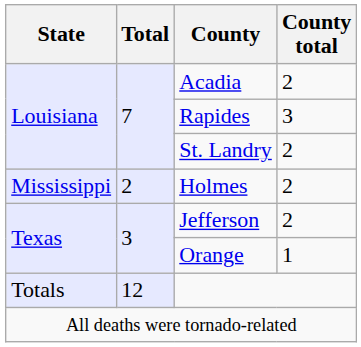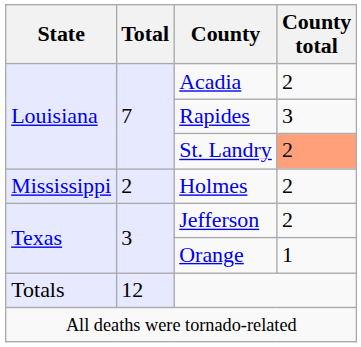 <table class="wikitable" style="margin:0 0 0.5em 1em;float:right;">
 <tr>
 <th>State</th>
 <th>Total</th>
 <th>County</th>
 <th>County<br>total</th>
 </tr>
 <tr>
 <td rowspan=3 bgcolor="#e6e9ff"><a href='#'>Louisiana</a></td>
 <td rowspan=3 bgcolor="#e6e9ff">7</td>
 <td><a href='#'>Acadia</a></td>
 <td>2</td>
 </tr>
 <tr>
 <td><a href='#'>Rapides</a></td>
 <td>3</td>
 </tr>
 <tr>
 <td><a href='#'>St. Landry</a></td>
-<td>2</td>
+<td style="background: lightsalmon;">2</td>
 </tr>
 <tr>
 <td rowspan=1 bgcolor="#e6e9ff"><a href='#'>Mississippi</a></td>
 <td rowspan=1 bgcolor="#e6e9ff">2</td>
 <td><a href='#'>Holmes</a></td>
 <td>2</td>
 </tr>
 <tr>
 <td rowspan=2 bgcolor="#e6e9ff"><a href='#'>Texas</a></td>
 <td rowspan=2 bgcolor="#e6e9ff">3</td>
 <td><a href='#'>Jefferson</a></td>
 <td>2</td>
 </tr>
 <tr>
 <td><a href='#'>Orange</a></td>
 <td>1</td>
 </tr>
 <tr>
 <td bgcolor="#e6e9ff">Totals</td>
 <td bgcolor="#e6e9ff">12</td>
 <td colspan=2></td>
 </tr>
 <tr>
 <td colspan=4 align=center><small>All deaths were tornado-related</small></td>
 </tr>
 </table>
